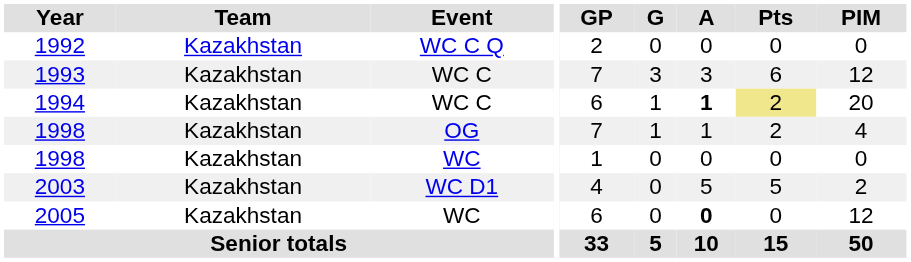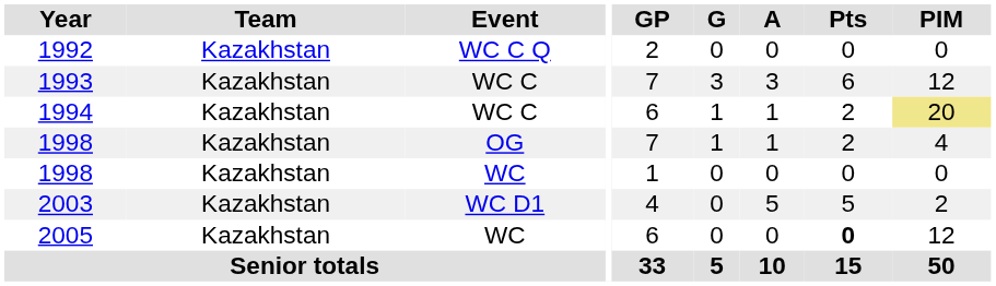 <table border="0" cellpadding="1" cellspacing="0" style="text-align:center; width:40em">
 <tr bgcolor="#e0e0e0">
 <th>Year</th>
 <th>Team</th>
 <th>Event</th>
 <th rowspan="99" bgcolor="#ffffff"></th>
 <th>GP</th>
 <th>G</th>
 <th>A</th>
 <th>Pts</th>
 <th>PIM</th>
 </tr>
 <tr>
 <td><a href='#'>1992</a></td>
 <td><a href='#'>Kazakhstan</a></td>
 <td><a href='#'>WC C Q</a></td>
 <td>2</td>
 <td>0</td>
 <td>0</td>
 <td>0</td>
 <td>0</td>
 </tr>
 <tr bgcolor="#f0f0f0">
 <td><a href='#'>1993</a></td>
 <td>Kazakhstan</td>
 <td>WC C</td>
 <td>7</td>
 <td>3</td>
 <td>3</td>
 <td>6</td>
 <td>12</td>
 </tr>
 <tr>
 <td><a href='#'>1994</a></td>
 <td>Kazakhstan</td>
 <td>WC C</td>
 <td>6</td>
 <td>1</td>
-<td><strong>1</strong></td>
-<td style="background: khaki;">2</td>
-<td>20</td>
+<td>1</td>
+<td>2</td>
+<td style="background: khaki;">20</td>
 </tr>
 <tr bgcolor="#f0f0f0">
 <td><a href='#'>1998</a></td>
 <td>Kazakhstan</td>
 <td><a href='#'>OG</a></td>
 <td>7</td>
 <td>1</td>
 <td>1</td>
 <td>2</td>
 <td>4</td>
 </tr>
 <tr>
 <td><a href='#'>1998</a></td>
 <td>Kazakhstan</td>
 <td><a href='#'>WC</a></td>
 <td>1</td>
 <td>0</td>
 <td>0</td>
 <td>0</td>
 <td>0</td>
 </tr>
 <tr bgcolor="#f0f0f0">
 <td><a href='#'>2003</a></td>
 <td>Kazakhstan</td>
 <td><a href='#'>WC D1</a></td>
 <td>4</td>
 <td>0</td>
 <td>5</td>
 <td>5</td>
 <td>2</td>
 </tr>
 <tr>
 <td><a href='#'>2005</a></td>
 <td>Kazakhstan</td>
 <td>WC</td>
 <td>6</td>
 <td>0</td>
+<td>0</td>
 <td><strong>0</strong></td>
-<td>0</td>
 <td>12</td>
 </tr>
 <tr bgcolor="#e0e0e0">
 <th colspan="3">Senior totals</th>
 <th>33</th>
 <th>5</th>
 <th>10</th>
 <th>15</th>
 <th>50</th>
 </tr>
 </table>
